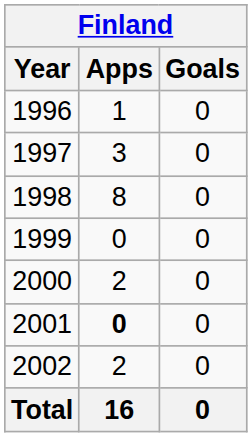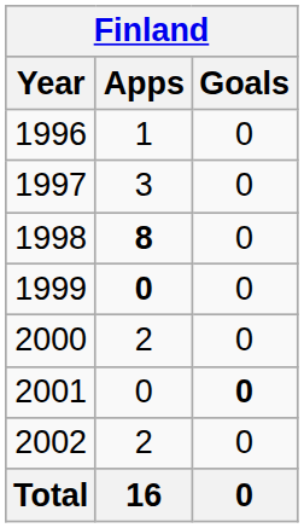 <table class=wikitable style=text-align:center>
 <tr>
 <th colspan=4><a href='#'>Finland</a></th>
 </tr>
 <tr>
 <th>Year</th>
 <th>Apps</th>
 <th>Goals</th>
 </tr>
 <tr>
 <td>1996</td>
 <td>1</td>
 <td>0</td>
 </tr>
 <tr>
 <td>1997</td>
 <td>3</td>
 <td>0</td>
 </tr>
 <tr>
 <td>1998</td>
-<td>8</td>
+<td><strong>8</strong></td>
 <td>0</td>
 </tr>
 <tr>
 <td>1999</td>
-<td>0</td>
+<td><strong>0</strong></td>
 <td>0</td>
 </tr>
 <tr>
 <td>2000</td>
 <td>2</td>
 <td>0</td>
 </tr>
 <tr>
 <td>2001</td>
+<td>0</td>
 <td><strong>0</strong></td>
-<td>0</td>
 </tr>
 <tr>
 <td>2002</td>
 <td>2</td>
 <td>0</td>
 </tr>
 <tr>
 <th colspan=1>Total</th>
 <th>16</th>
 <th>0</th>
 </tr>
 </table>
